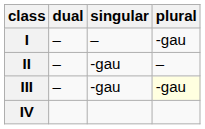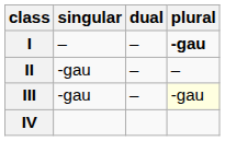 <table class="wikitable">
 <tr>
 <th>class</th>
+<th>singular</th>
 <th>dual</th>
-<th>singular</th>
 <th>plural</th>
 </tr>
 <tr>
 <th>I</th>
 <td>–</td>
 <td>–</td>
-<td>-gau</td>
+<td><strong>-gau</strong></td>
 </tr>
 <tr>
 <th>II</th>
+<td>-gau</td>
 <td>–</td>
-<td>-gau</td>
 <td>–</td>
 </tr>
 <tr>
 <th>III</th>
+<td>-gau</td>
 <td>–</td>
-<td>-gau</td>
 <td style="background: lightyellow;">-gau</td>
 </tr>
 <tr>
 <th>IV</th>
 <td></td>
 <td></td>
 <td></td>
 </tr>
 </table>
